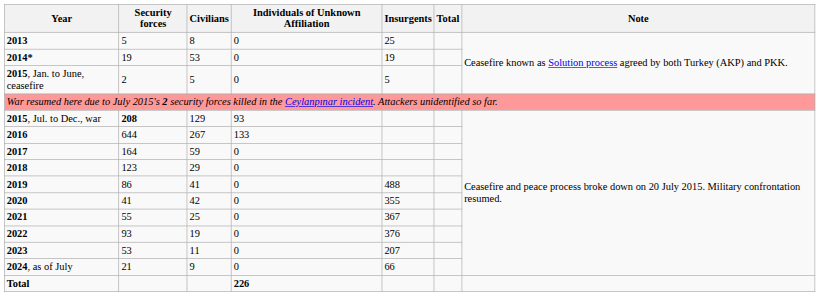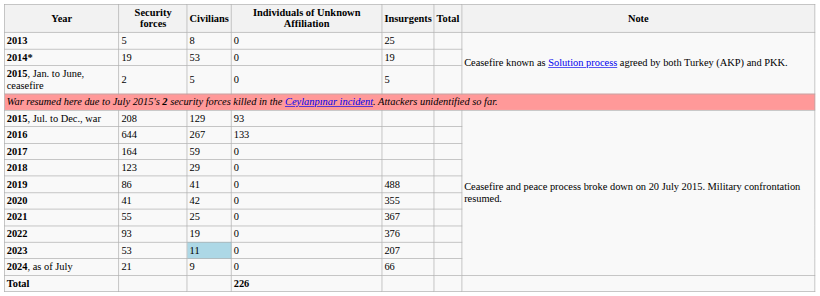 <table class="wikitable sortable collapsible" >
 <tr>
 <th><strong>Year</strong></th>
 <th><strong>Security forces</strong></th>
 <th><strong>Civilians</strong></th>
 <th>Individuals of Unknown Affiliation</th>
 <th><strong>Insurgents</strong></th>
 <th><strong>Total</strong></th>
 <th>Note</th>
 </tr>
 <tr>
 <td><strong>2013</strong></td>
 <td>5</td>
 <td>8</td>
 <td>0</td>
 <td>25</td>
 <td><strong></strong></td>
 <td rowspan="3">Ceasefire known as <a href='#'>Solution process</a> agreed by both Turkey (AKP) and PKK.</td>
 </tr>
 <tr>
 <td><strong>2014*</strong></td>
 <td>19</td>
 <td>53</td>
 <td>0</td>
 <td>19</td>
 <td><strong></strong></td>
 </tr>
 <tr>
 <td><strong>2015</strong>, Jan. to June, ceasefire</td>
 <td>2</td>
 <td>5</td>
 <td>0</td>
 <td>5</td>
 <td><strong></strong></td>
 </tr>
 <tr style="background:#f99;">
 <td colspan="7"><em>War resumed here due to July 2015's <strong>2</strong> security forces killed in the <a href='#'>Ceylanpınar incident</a>. Attackers unidentified so far.</em></td>
 </tr>
 <tr>
 <td><strong>2015</strong>, Jul. to Dec., war</td>
-<td><strong>208</strong></td>
+<td>208</td>
 <td>129</td>
 <td>93</td>
 <td></td>
 <td><strong></strong></td>
 <td rowspan="10">Ceasefire and peace process broke down on 20 July 2015. Military confrontation resumed.</td>
 </tr>
 <tr>
 <td><strong>2016</strong></td>
 <td>644</td>
 <td>267</td>
 <td>133</td>
 <td></td>
 <td><strong></strong></td>
 </tr>
 <tr>
 <td><strong>2017</strong></td>
 <td>164</td>
 <td>59</td>
 <td>0</td>
 <td></td>
 <td><strong></strong></td>
 </tr>
 <tr>
 <td><strong>2018</strong></td>
 <td>123</td>
 <td>29</td>
 <td>0</td>
 <td></td>
 <td><strong></strong></td>
 </tr>
 <tr>
 <td><strong>2019</strong></td>
 <td>86</td>
 <td>41</td>
 <td>0</td>
 <td>488</td>
 <td><strong></strong></td>
 </tr>
 <tr>
 <td><strong>2020</strong></td>
 <td>41</td>
 <td>42</td>
 <td>0</td>
 <td>355</td>
 <td><strong></strong></td>
 </tr>
 <tr>
 <td><strong>2021</strong></td>
 <td>55</td>
 <td>25</td>
 <td>0</td>
 <td>367</td>
 <td><strong></strong></td>
 </tr>
 <tr>
 <td><strong>2022</strong></td>
 <td>93</td>
 <td>19</td>
 <td>0</td>
 <td>376</td>
 <td><strong></strong></td>
 </tr>
 <tr>
 <td><strong>2023</strong></td>
 <td>53</td>
-<td>11</td>
+<td style="background: lightblue;">11</td>
 <td>0</td>
 <td>207</td>
 <td><strong></strong></td>
 </tr>
 <tr>
 <td><strong>2024</strong>, as of July</td>
 <td>21</td>
 <td>9</td>
 <td>0</td>
 <td>66</td>
 <td><strong></strong></td>
 </tr>
 <tr>
 <td><strong>Total</strong></td>
 <td><strong></strong></td>
 <td><strong></strong></td>
 <td><strong>226</strong></td>
 <td><strong></strong></td>
 <td><strong></strong></td>
 <td></td>
 </tr>
 </table>
